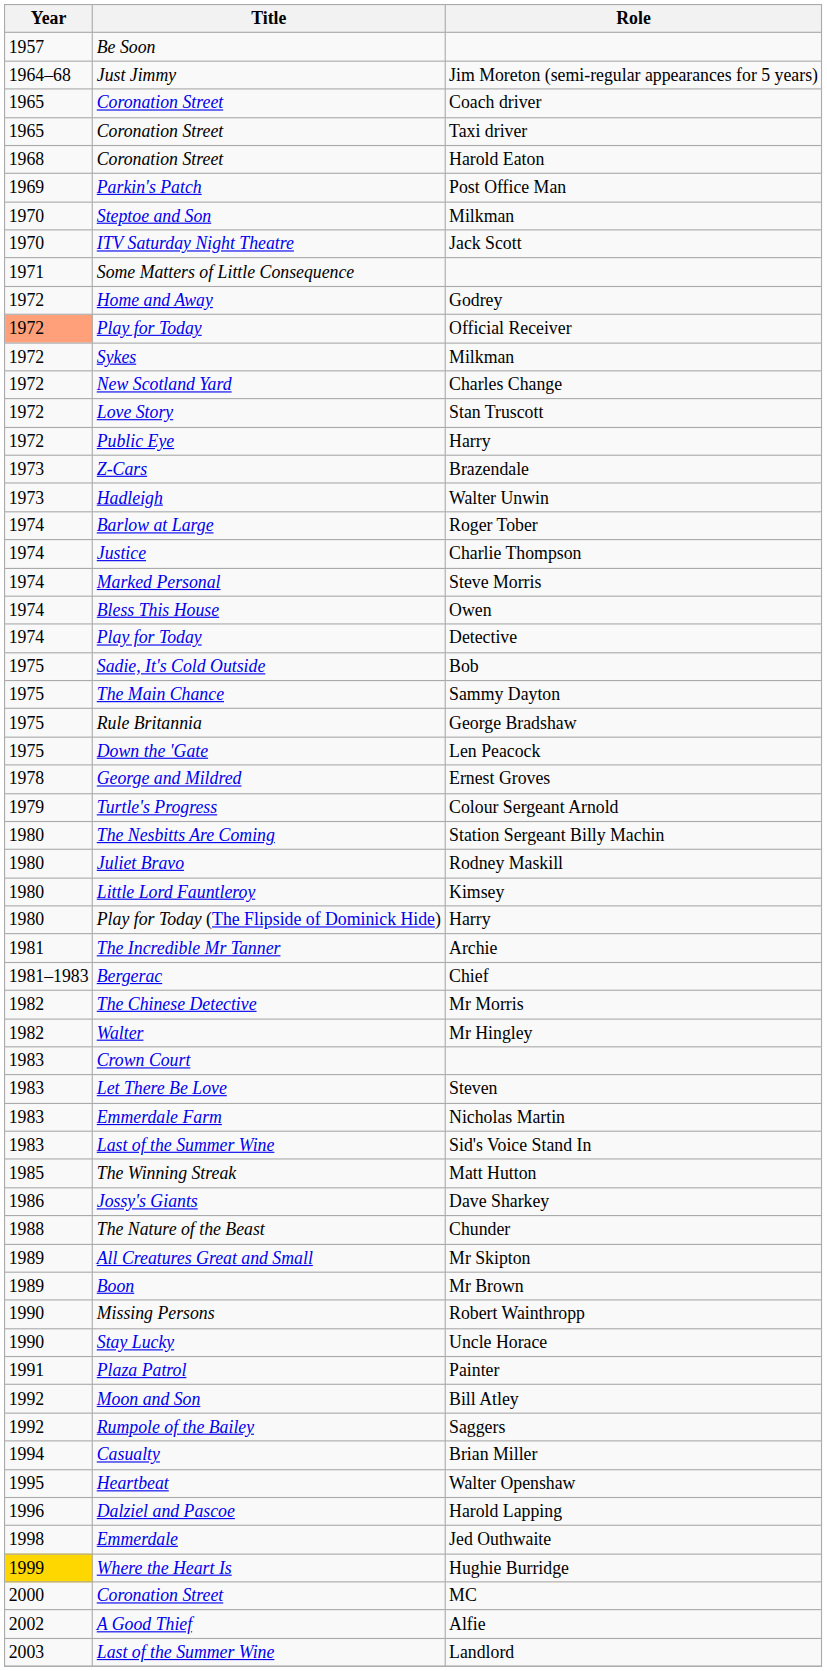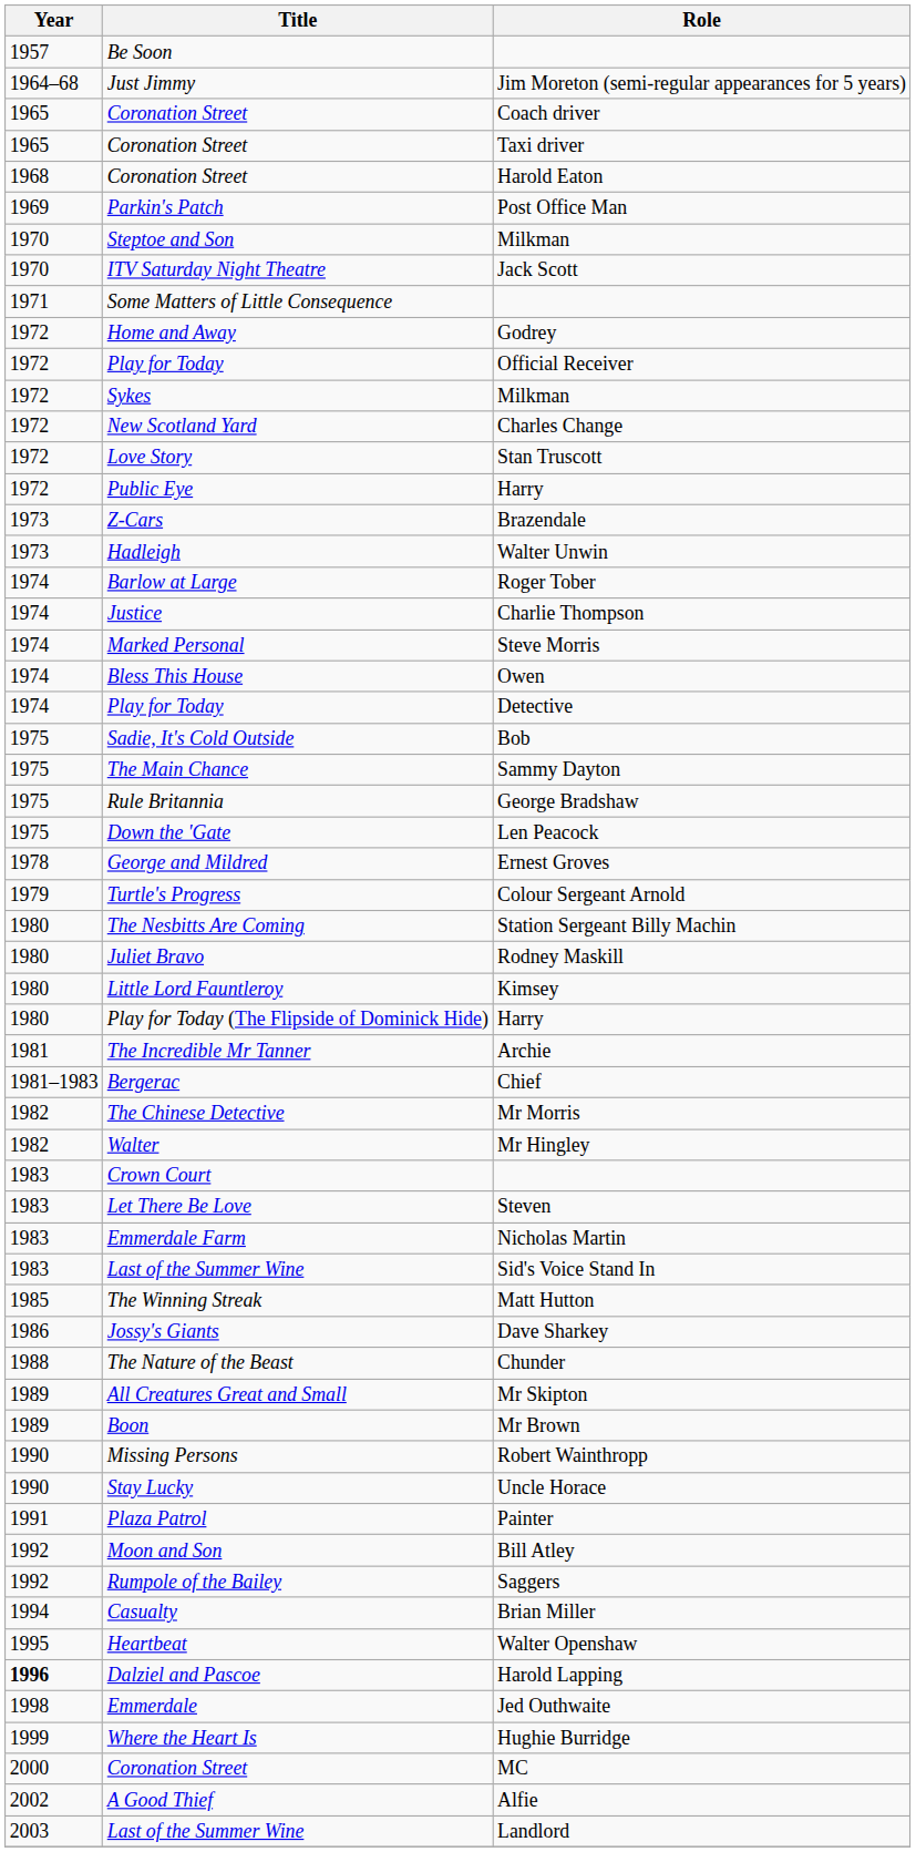 <table class="wikitable">
 <tr>
 <th>Year</th>
 <th>Title</th>
 <th>Role</th>
 </tr>
 <tr>
 <td>1957</td>
 <td><em>Be Soon</em></td>
 <td></td>
 </tr>
 <tr>
 <td>1964–68</td>
 <td><em>Just Jimmy</em></td>
 <td>Jim Moreton (semi-regular appearances for 5 years)</td>
 </tr>
 <tr>
 <td>1965</td>
 <td><em><a href='#'>Coronation Street</a></em></td>
 <td>Coach driver</td>
 </tr>
 <tr>
 <td>1965</td>
 <td><em>Coronation Street</em></td>
 <td>Taxi driver</td>
 </tr>
 <tr>
 <td>1968</td>
 <td><em>Coronation Street</em></td>
 <td>Harold Eaton</td>
 </tr>
 <tr>
 <td>1969</td>
 <td><em><a href='#'>Parkin's Patch</a></em></td>
 <td>Post Office Man</td>
 </tr>
 <tr>
 <td>1970</td>
 <td><em><a href='#'>Steptoe and Son</a></em></td>
 <td>Milkman</td>
 </tr>
 <tr>
 <td>1970</td>
 <td><em><a href='#'>ITV Saturday Night Theatre</a></em></td>
 <td>Jack Scott</td>
 </tr>
 <tr>
 <td>1971</td>
 <td><em>Some Matters of Little Consequence</em></td>
 <td></td>
 </tr>
 <tr>
 <td>1972</td>
 <td><em><a href='#'>Home and Away</a></em></td>
 <td>Godrey</td>
 </tr>
 <tr>
-<td style="background: lightsalmon;">1972</td>
+<td>1972</td>
 <td><em><a href='#'>Play for Today</a></em></td>
 <td>Official Receiver</td>
 </tr>
 <tr>
 <td>1972</td>
 <td><em><a href='#'>Sykes</a></em></td>
 <td>Milkman</td>
 </tr>
 <tr>
 <td>1972</td>
 <td><em><a href='#'>New Scotland Yard</a></em></td>
 <td>Charles Change</td>
 </tr>
 <tr>
 <td>1972</td>
 <td><em><a href='#'>Love Story</a></em></td>
 <td>Stan Truscott</td>
 </tr>
 <tr>
 <td>1972</td>
 <td><em><a href='#'>Public Eye</a></em></td>
 <td>Harry</td>
 </tr>
 <tr>
 <td>1973</td>
 <td><em><a href='#'>Z-Cars</a></em></td>
 <td>Brazendale</td>
 </tr>
 <tr>
 <td>1973</td>
 <td><em><a href='#'>Hadleigh</a></em></td>
 <td>Walter Unwin</td>
 </tr>
 <tr>
 <td>1974</td>
 <td><em><a href='#'>Barlow at Large</a></em></td>
 <td>Roger Tober</td>
 </tr>
 <tr>
 <td>1974</td>
 <td><em><a href='#'>Justice</a></em></td>
 <td>Charlie Thompson</td>
 </tr>
 <tr>
 <td>1974</td>
 <td><em><a href='#'>Marked Personal</a></em></td>
 <td>Steve Morris</td>
 </tr>
 <tr>
 <td>1974</td>
 <td><em><a href='#'>Bless This House</a></em></td>
 <td>Owen</td>
 </tr>
 <tr>
 <td>1974</td>
 <td><em><a href='#'>Play for Today</a></em></td>
 <td>Detective</td>
 </tr>
 <tr>
 <td>1975</td>
 <td><em><a href='#'>Sadie, It's Cold Outside</a></em></td>
 <td>Bob</td>
 </tr>
 <tr>
 <td>1975</td>
 <td><em><a href='#'>The Main Chance</a></em></td>
 <td>Sammy Dayton</td>
 </tr>
 <tr>
 <td>1975</td>
 <td><em>Rule Britannia</em></td>
 <td>George Bradshaw</td>
 </tr>
 <tr>
 <td>1975</td>
 <td><em><a href='#'>Down the 'Gate</a></em></td>
 <td>Len Peacock</td>
 </tr>
 <tr>
 <td>1978</td>
 <td><em><a href='#'>George and Mildred</a></em></td>
 <td>Ernest Groves</td>
 </tr>
 <tr>
 <td>1979</td>
 <td><em><a href='#'>Turtle's Progress</a></em></td>
 <td>Colour Sergeant Arnold</td>
 </tr>
 <tr>
 <td>1980</td>
 <td><em><a href='#'>The Nesbitts Are Coming</a></em></td>
 <td>Station Sergeant Billy Machin</td>
 </tr>
 <tr>
 <td>1980</td>
 <td><em><a href='#'>Juliet Bravo</a></em></td>
 <td>Rodney Maskill</td>
 </tr>
 <tr>
 <td>1980</td>
 <td><em><a href='#'>Little Lord Fauntleroy</a></em></td>
 <td>Kimsey</td>
 </tr>
 <tr>
 <td>1980</td>
 <td><em>Play for Today</em> (<a href='#'>The Flipside of Dominick Hide</a>)</td>
 <td>Harry</td>
 </tr>
 <tr>
 <td>1981</td>
 <td><em><a href='#'>The Incredible Mr Tanner</a></em></td>
 <td>Archie</td>
 </tr>
 <tr>
 <td>1981–1983</td>
 <td><em><a href='#'>Bergerac</a></em></td>
 <td>Chief</td>
 </tr>
 <tr>
 <td>1982</td>
 <td><em><a href='#'>The Chinese Detective</a></em></td>
 <td>Mr Morris</td>
 </tr>
 <tr>
 <td>1982</td>
 <td><em><a href='#'>Walter</a></em></td>
 <td>Mr Hingley</td>
 </tr>
 <tr>
 <td>1983</td>
 <td><em><a href='#'>Crown Court</a></em></td>
 <td></td>
 </tr>
 <tr>
 <td>1983</td>
 <td><em><a href='#'>Let There Be Love</a></em></td>
 <td>Steven</td>
 </tr>
 <tr>
 <td>1983</td>
 <td><em><a href='#'>Emmerdale Farm</a></em></td>
 <td>Nicholas Martin</td>
 </tr>
 <tr>
 <td>1983</td>
 <td><em><a href='#'>Last of the Summer Wine</a></em></td>
 <td>Sid's Voice Stand In</td>
 </tr>
 <tr>
 <td>1985</td>
 <td><em>The Winning Streak</em></td>
 <td>Matt Hutton</td>
 </tr>
 <tr>
 <td>1986</td>
 <td><em><a href='#'>Jossy's Giants</a></em></td>
 <td>Dave Sharkey</td>
 </tr>
 <tr>
 <td>1988</td>
 <td><em>The Nature of the Beast</em></td>
 <td>Chunder</td>
 </tr>
 <tr>
 <td>1989</td>
 <td><em><a href='#'>All Creatures Great and Small</a></em></td>
 <td>Mr Skipton</td>
 </tr>
 <tr>
 <td>1989</td>
 <td><em><a href='#'>Boon</a></em></td>
 <td>Mr Brown</td>
 </tr>
 <tr>
 <td>1990</td>
 <td><em>Missing Persons</em></td>
 <td>Robert Wainthropp</td>
 </tr>
 <tr>
 <td>1990</td>
 <td><em><a href='#'>Stay Lucky</a></em></td>
 <td>Uncle Horace</td>
 </tr>
 <tr>
 <td>1991</td>
 <td><em><a href='#'>Plaza Patrol</a></em></td>
 <td>Painter</td>
 </tr>
 <tr>
 <td>1992</td>
 <td><em><a href='#'>Moon and Son</a></em></td>
 <td>Bill Atley</td>
 </tr>
 <tr>
 <td>1992</td>
 <td><em><a href='#'>Rumpole of the Bailey</a></em></td>
 <td>Saggers</td>
 </tr>
 <tr>
 <td>1994</td>
 <td><em><a href='#'>Casualty</a></em></td>
 <td>Brian Miller</td>
 </tr>
 <tr>
 <td>1995</td>
 <td><em><a href='#'>Heartbeat</a></em></td>
 <td>Walter Openshaw</td>
 </tr>
 <tr>
-<td>1996</td>
+<td><strong>1996</strong></td>
 <td><em><a href='#'>Dalziel and Pascoe</a></em></td>
 <td>Harold Lapping</td>
 </tr>
 <tr>
 <td>1998</td>
 <td><em><a href='#'>Emmerdale</a></em></td>
 <td>Jed Outhwaite</td>
 </tr>
 <tr>
-<td style="background: gold;">1999</td>
+<td>1999</td>
 <td><em><a href='#'>Where the Heart Is</a></em></td>
 <td>Hughie Burridge</td>
 </tr>
 <tr>
 <td>2000</td>
 <td><em><a href='#'>Coronation Street</a></em></td>
 <td>MC</td>
 </tr>
 <tr>
 <td>2002</td>
 <td><em><a href='#'>A Good Thief</a></em></td>
 <td>Alfie</td>
 </tr>
 <tr>
 <td>2003</td>
 <td><em><a href='#'>Last of the Summer Wine</a></em></td>
 <td>Landlord</td>
 </tr>
 <tr>
 </tr>
 </table>
